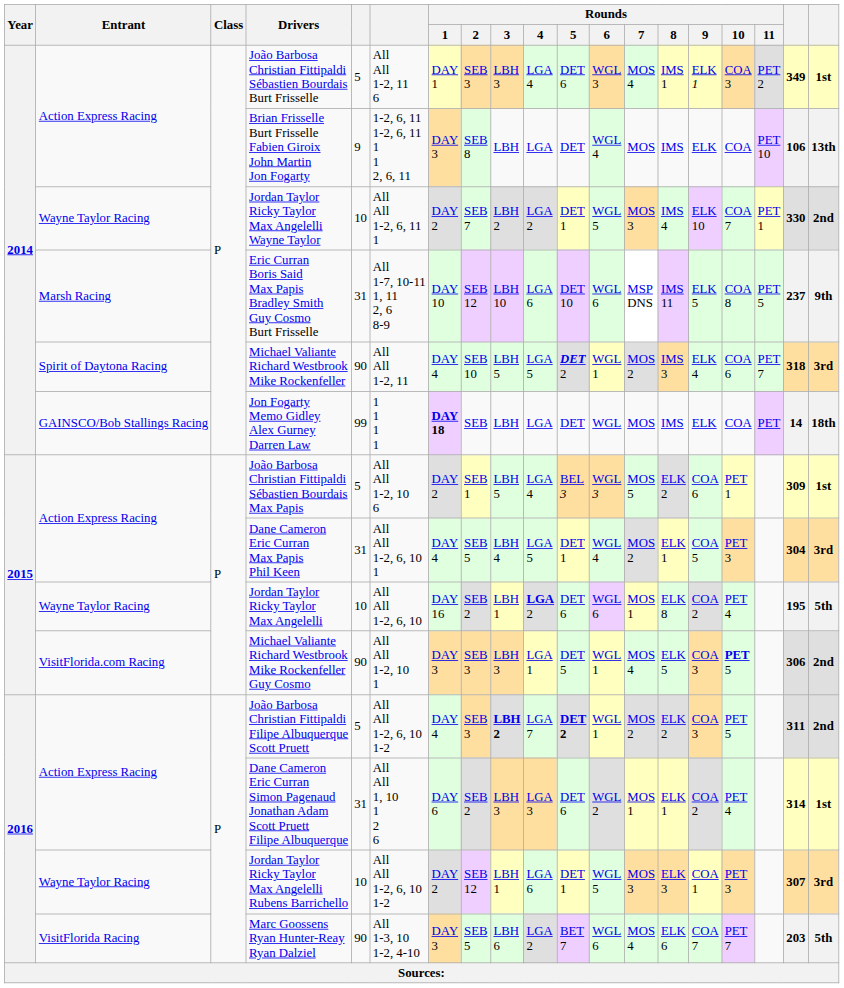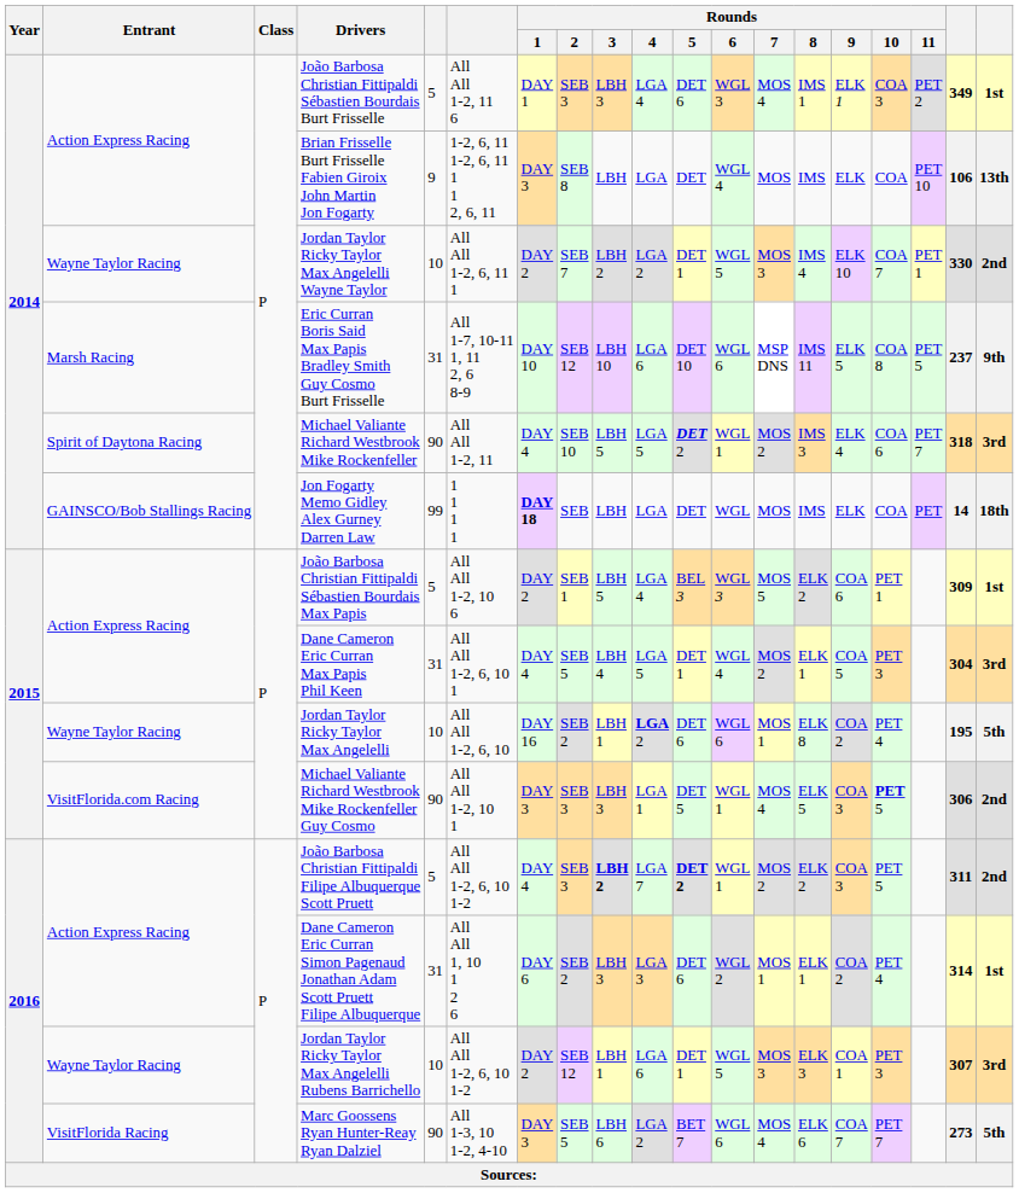 <table class="wikitable">
 <tr>
 <th rowspan="2">Year</th>
 <th rowspan="2">Entrant</th>
 <th rowspan="2">Class</th>
 <th rowspan="2">Drivers</th>
 <th rowspan="2"></th>
 <th rowspan="2"></th>
 <th colspan="11">Rounds</th>
 <th rowspan="2"></th>
 <th rowspan="2"></th>
 </tr>
 <tr>
 <th>1</th>
 <th>2</th>
 <th>3</th>
 <th>4</th>
 <th>5</th>
 <th>6</th>
 <th>7</th>
 <th>8</th>
 <th>9</th>
 <th>10</th>
 <th>11</th>
 </tr>
 <tr>
 <th rowspan="6"><a href='#'>2014</a></th>
 <td rowspan="2"> <a href='#'>Action Express Racing</a></td>
 <td rowspan="6">P</td>
 <td> <a href='#'>João Barbosa</a><br> <a href='#'>Christian Fittipaldi</a><br> <a href='#'>Sébastien Bourdais</a><br> Burt Frisselle</td>
 <td>5</td>
 <td>All<br>All<br>1-2, 11<br>6</td>
 <td style="background:#FFFFBF;"><a href='#'>DAY</a><br>1</td>
 <td style="background:#FFDF9F;"><a href='#'>SEB</a><br>3</td>
 <td style="background:#ffdf9f;"><a href='#'>LBH</a><br>3</td>
 <td style="background:#dfffdf;"><a href='#'>LGA</a><br>4</td>
 <td style="background:#DFFFDF;"><a href='#'>DET</a><br>6</td>
 <td style="background:#ffdf9f;"><a href='#'>WGL</a><br>3</td>
 <td style="background:#dfffdf;"><a href='#'>MOS</a><br>4</td>
 <td style="background:#ffffbf;"><a href='#'>IMS</a><br>1</td>
 <td style="background:#ffffbf;"><a href='#'>ELK</a><br><em>1</em></td>
 <td style="background:#ffdf9f;"><a href='#'>COA</a><br>3</td>
 <td style="background:#DFDFDF;"><a href='#'>PET</a><br>2</td>
 <th style="background:#ffffbf;">349</th>
 <th style="background:#ffffbf;">1st</th>
 </tr>
 <tr>
 <td> <a href='#'>Brian Frisselle</a><br> Burt Frisselle<br> <a href='#'>Fabien Giroix</a><br> <a href='#'>John Martin</a><br> <a href='#'>Jon Fogarty</a></td>
 <td>9</td>
 <td>1-2, 6, 11<br>1-2, 6, 11<br>1<br>1<br>2, 6, 11</td>
 <td style="background:#FFDF9F;"><a href='#'>DAY</a><br>3</td>
 <td style="background:#DFFFDF;"><a href='#'>SEB</a><br>8</td>
 <td><a href='#'>LBH</a></td>
 <td><a href='#'>LGA</a></td>
 <td><a href='#'>DET</a></td>
 <td style="background:#DFFFDF;"><a href='#'>WGL</a><br>4</td>
 <td><a href='#'>MOS</a></td>
 <td><a href='#'>IMS</a></td>
 <td><a href='#'>ELK</a></td>
 <td><a href='#'>COA</a></td>
 <td style="background:#EFCFFF;"><a href='#'>PET</a><br>10</td>
 <th>106</th>
 <th>13th</th>
 </tr>
 <tr>
 <td> <a href='#'>Wayne Taylor Racing</a></td>
 <td> <a href='#'>Jordan Taylor</a><br> <a href='#'>Ricky Taylor</a><br> <a href='#'>Max Angelelli</a><br> <a href='#'>Wayne Taylor</a></td>
 <td>10</td>
 <td>All<br>All<br>1-2, 6, 11<br>1</td>
 <td style="background:#dfdfdf;"><a href='#'>DAY</a><br>2</td>
 <td style="background:#dfffdf;"><a href='#'>SEB</a><br>7</td>
 <td style="background:#dfdfdf;"><a href='#'>LBH</a><br>2</td>
 <td style="background:#dfdfdf;"><a href='#'>LGA</a><br>2</td>
 <td style="background:#ffffbf;"><a href='#'>DET</a><br>1</td>
 <td style="background:#dfffdf;"><a href='#'>WGL</a><br>5</td>
 <td style="background:#ffdf9f;"><a href='#'>MOS</a><br>3</td>
 <td style="background:#dfffdf;"><a href='#'>IMS</a><br>4</td>
 <td style="background:#efcfff;"><a href='#'>ELK</a><br>10</td>
 <td style="background:#dfffdf;"><a href='#'>COA</a><br>7</td>
 <td style="background:#ffffbf;"><a href='#'>PET</a><br>1</td>
 <th style="background:#dfdfdf;">330</th>
 <th style="background:#dfdfdf;">2nd</th>
 </tr>
 <tr>
 <td> <a href='#'>Marsh Racing</a></td>
 <td> <a href='#'>Eric Curran</a><br> <a href='#'>Boris Said</a><br> <a href='#'>Max Papis</a><br> <a href='#'>Bradley Smith</a><br> <a href='#'>Guy Cosmo</a><br> Burt Frisselle</td>
 <td>31</td>
 <td>All<br>1-7, 10-11<br>1, 11<br>2, 6<br>8-9</td>
 <td style="background:#dfffdf;"><a href='#'>DAY</a><br>10</td>
 <td style="background:#efcfff;"><a href='#'>SEB</a><br>12</td>
 <td style="background:#efcfff;"><a href='#'>LBH</a><br>10</td>
 <td style="background:#dfffdf;"><a href='#'>LGA</a><br>6</td>
 <td style="background:#efcfff;"><a href='#'>DET</a><br>10</td>
 <td style="background:#dfffdf;"><a href='#'>WGL</a><br>6</td>
 <td style="background:#ffffff;"><a href='#'>MSP</a><br>DNS</td>
 <td style="background:#efcfff;"><a href='#'>IMS</a><br>11</td>
 <td style="background:#dfffdf;"><a href='#'>ELK</a><br>5</td>
 <td style="background:#dfffdf;"><a href='#'>COA</a><br>8</td>
 <td style="background:#dfffdf;"><a href='#'>PET</a><br>5</td>
 <th>237</th>
 <th>9th</th>
 </tr>
 <tr>
 <td> <a href='#'>Spirit of Daytona Racing</a></td>
 <td> <a href='#'>Michael Valiante</a><br> <a href='#'>Richard Westbrook</a><br> <a href='#'>Mike Rockenfeller</a></td>
 <td>90</td>
 <td>All<br>All<br>1-2, 11</td>
 <td style="background:#DFFFDF;"><a href='#'>DAY</a><br>4</td>
 <td style="background:#DFFFDF;"><a href='#'>SEB</a><br>10</td>
 <td style="background:#DFFFDF;"><a href='#'>LBH</a><br>5</td>
 <td style="background:#DFFFDF;"><a href='#'>LGA</a><br>5</td>
 <td style="background:#DFDFDF;"><strong><em><a href='#'>DET</a></em></strong><br>2</td>
 <td style="background:#FFFFBF;"><a href='#'>WGL</a><br>1</td>
 <td style="background:#DFDFDF;"><a href='#'>MOS</a><br>2</td>
 <td style="background:#FFDF9F;"><a href='#'>IMS</a><br>3</td>
 <td style="background:#DFFFDF;"><a href='#'>ELK</a><br>4</td>
 <td style="background:#DFFFDF;"><a href='#'>COA</a><br>6</td>
 <td style="background:#DFFFDF;"><a href='#'>PET</a><br>7</td>
 <th style="background:#FFDF9F;">318</th>
 <th style="background:#FFDF9F;">3rd</th>
 </tr>
 <tr>
 <td> <a href='#'>GAINSCO/Bob Stallings Racing</a></td>
 <td> <a href='#'>Jon Fogarty</a><br> <a href='#'>Memo Gidley</a><br> <a href='#'>Alex Gurney</a><br> <a href='#'>Darren Law</a></td>
 <td>99</td>
 <td>1<br>1<br>1<br>1</td>
 <td style="background:#EFCFFF;"><strong><a href='#'>DAY</a><br>18</strong></td>
 <td><a href='#'>SEB</a></td>
 <td><a href='#'>LBH</a></td>
 <td><a href='#'>LGA</a></td>
 <td><a href='#'>DET</a></td>
 <td><a href='#'>WGL</a></td>
 <td><a href='#'>MOS</a></td>
 <td><a href='#'>IMS</a></td>
 <td><a href='#'>ELK</a></td>
 <td><a href='#'>COA</a></td>
 <td style="background:#EFCFFF;"><a href='#'>PET</a><br></td>
 <th>14</th>
 <th>18th</th>
 </tr>
 <tr>
 <th rowspan="4"><a href='#'>2015</a></th>
 <td rowspan="2"> <a href='#'>Action Express Racing</a></td>
 <td rowspan="4">P</td>
 <td> <a href='#'>João Barbosa</a><br> <a href='#'>Christian Fittipaldi</a><br> <a href='#'>Sébastien Bourdais</a><br> <a href='#'>Max Papis</a></td>
 <td>5</td>
 <td>All<br>All<br>1-2, 10<br>6</td>
 <td style="background:#DFDFDF;"><a href='#'>DAY</a><br>2</td>
 <td style="background:#FFFFBF;"><a href='#'>SEB</a><br>1</td>
 <td style="background:#dfffdf;"><a href='#'>LBH</a><br>5</td>
 <td style="background:#dfffdf;"><a href='#'>LGA</a><br>4</td>
 <td style="background:#ffdf9f;"><a href='#'>BEL</a><br><em>3</em></td>
 <td style="background:#ffdf9f;"><a href='#'>WGL</a><br><em>3</em></td>
 <td style="background:#dfffdf;"><a href='#'>MOS</a><br>5</td>
 <td style="background:#dfdfdf;"><a href='#'>ELK</a><br>2</td>
 <td style="background:#DFFFDF;"><a href='#'>COA</a><br>6</td>
 <td style="background:#FFFFBF;"><a href='#'>PET</a><br>1</td>
 <td></td>
 <th style="background:#FFFFBF;”">309</th>
 <th style="background:#FFFFBF;”">1st</th>
 </tr>
 <tr>
 <td> <a href='#'>Dane Cameron</a><br> <a href='#'>Eric Curran</a><br> <a href='#'>Max Papis</a><br> <a href='#'>Phil Keen</a></td>
 <td>31</td>
 <td>All<br>All<br>1-2, 6, 10<br>1</td>
 <td style="background:#dfffdf;"><a href='#'>DAY</a><br>4</td>
 <td style="background:#dfffdf;"><a href='#'>SEB</a><br>5</td>
 <td style="background:#dfffdf;"><a href='#'>LBH</a><br>4</td>
 <td style="background:#dfffdf;"><a href='#'>LGA</a><br>5</td>
 <td style="background:#FFFFBF;"><a href='#'>DET</a><br>1</td>
 <td style="background:#dfffdf;"><a href='#'>WGL</a><br>4</td>
 <td style="background:#dfdfdf;"><a href='#'>MOS</a><br>2</td>
 <td style="background:#FFFFBF;"><a href='#'>ELK</a><br>1</td>
 <td style="background:#DFFFDF;"><a href='#'>COA</a><br>5</td>
 <td style="background:#FFDF9F;"><a href='#'>PET</a><br>3</td>
 <td></td>
 <th style="background:#FFDF9F;”">304</th>
 <th style="background:#FFDF9F;”">3rd</th>
 </tr>
 <tr>
 <td> <a href='#'>Wayne Taylor Racing</a></td>
 <td> <a href='#'>Jordan Taylor</a><br> <a href='#'>Ricky Taylor</a><br> <a href='#'>Max Angelelli</a></td>
 <td>10</td>
 <td>All<br>All<br>1-2, 6, 10</td>
 <td style="background:#dfffdf;"><a href='#'>DAY</a><br>16</td>
 <td style="background:#dfdfdf;"><a href='#'>SEB</a><br>2</td>
 <td style="background:#ffffbf;"><a href='#'>LBH</a><br>1</td>
 <td style="background:#dfdfdf;"><strong><a href='#'>LGA</a></strong><br>2</td>
 <td style="background:#dfffdf;"><a href='#'>DET</a><br>6</td>
 <td style="background:#efcfff;"><a href='#'>WGL</a><br>6</td>
 <td style="background:#ffffbf;"><a href='#'>MOS</a><br>1</td>
 <td style="background:#dfffdf;"><a href='#'>ELK</a><br>8</td>
 <td style="background:#dfdfdf;"><a href='#'>COA</a><br>2</td>
 <td style="background:#dfffdf;"><a href='#'>PET</a><br>4</td>
 <td></td>
 <th>195</th>
 <th>5th</th>
 </tr>
 <tr>
 <td> <a href='#'>VisitFlorida.com Racing</a></td>
 <td> <a href='#'>Michael Valiante</a><br> <a href='#'>Richard Westbrook</a><br> <a href='#'>Mike Rockenfeller</a><br> <a href='#'>Guy Cosmo</a></td>
 <td>90</td>
 <td>All<br>All<br>1-2, 10<br>1</td>
 <td style="background:#FFDF9F;"><a href='#'>DAY</a><br>3</td>
 <td style="background:#FFDF9F;"><a href='#'>SEB</a><br>3</td>
 <td style="background:#FFDF9F;"><a href='#'>LBH</a><br>3</td>
 <td style="background:#FFFFBF;"><a href='#'>LGA</a><br>1</td>
 <td style="background:#DFFFDF;"><a href='#'>DET</a><br>5</td>
 <td style="background:#FFFFBF;"><a href='#'>WGL</a><br>1</td>
 <td style="background:#DFFFDF;"><a href='#'>MOS</a><br>4</td>
 <td style="background:#DFFFDF;"><a href='#'>ELK</a><br>5</td>
 <td style="background:#FFDF9F;"><a href='#'>COA</a><br>3</td>
 <td style="background:#DFFFDF;"><strong><a href='#'>PET</a></strong><br>5</td>
 <td></td>
 <th style="background:#DFDFDF;”">306</th>
 <th style="background:#DFDFDF;”">2nd</th>
 </tr>
 <tr>
 <th rowspan="4"><a href='#'>2016</a></th>
 <td rowspan="2"> <a href='#'>Action Express Racing</a></td>
 <td rowspan="4">P</td>
 <td> <a href='#'>João Barbosa</a><br> <a href='#'>Christian Fittipaldi</a><br> <a href='#'>Filipe Albuquerque</a><br> <a href='#'>Scott Pruett</a></td>
 <td>5</td>
 <td>All<br>All<br>1-2, 6, 10<br>1-2</td>
 <td style="background:#dfffdf;"><a href='#'>DAY</a><br>4</td>
 <td style="background:#ffdf9f;"><a href='#'>SEB</a><br>3</td>
 <td style="background:#dfdfdf;"><strong><a href='#'>LBH</a><br>2</strong></td>
 <td style="background:#dfffdf;"><a href='#'>LGA</a><br>7</td>
 <td style="background:#dfdfdf;"><strong><a href='#'>DET</a><br>2</strong></td>
 <td style="background:#ffffbf;"><a href='#'>WGL</a><br>1</td>
 <td style="background:#dfdfdf;"><a href='#'>MOS</a><br>2</td>
 <td style="background:#dfdfdf;"><a href='#'>ELK</a><br>2</td>
 <td style="background:#ffdf9f;"><a href='#'>COA</a><br>3</td>
 <td style="background:#dfffdf;"><a href='#'>PET</a><br>5</td>
 <td></td>
 <th style="background:#DFDFDF;”">311</th>
 <th style="background:#DFDFDF;”">2nd</th>
 </tr>
 <tr>
 <td> <a href='#'>Dane Cameron</a><br> <a href='#'>Eric Curran</a><br> <a href='#'>Simon Pagenaud</a><br> <a href='#'>Jonathan Adam</a><br> <a href='#'>Scott Pruett</a><br> <a href='#'>Filipe Albuquerque</a></td>
 <td>31</td>
 <td>All<br>All<br>1, 10<br>1<br>2<br>6</td>
 <td style="background:#dfffdf;"><a href='#'>DAY</a><br>6</td>
 <td style="background:#dfdfdf;"><a href='#'>SEB</a><br>2</td>
 <td style="background:#ffdf9f;"><a href='#'>LBH</a><br>3</td>
 <td style="background:#ffdf9f;"><a href='#'>LGA</a><br>3</td>
 <td style="background:#dfffdf;"><a href='#'>DET</a><br>6</td>
 <td style="background:#dfdfdf;"><a href='#'>WGL</a><br>2</td>
 <td style="background:#ffffbf;"><a href='#'>MOS</a><br>1</td>
 <td style="background:#ffffbf;"><a href='#'>ELK</a><br>1</td>
 <td style="background:#dfdfdf;"><a href='#'>COA</a><br>2</td>
 <td style="background:#dfffdf;"><a href='#'>PET</a><br>4</td>
 <td></td>
 <th style="background:#FFFFBF;”">314</th>
 <th style="background:#FFFFBF;”">1st</th>
 </tr>
 <tr>
 <td> <a href='#'>Wayne Taylor Racing</a></td>
 <td> <a href='#'>Jordan Taylor</a><br> <a href='#'>Ricky Taylor</a><br> <a href='#'>Max Angelelli</a><br> <a href='#'>Rubens Barrichello</a></td>
 <td>10</td>
 <td>All<br>All<br>1-2, 6, 10<br>1-2</td>
 <td style="background:#dfdfdf;"><a href='#'>DAY</a><br>2</td>
 <td style="background:#efcfff;"><a href='#'>SEB</a><br>12</td>
 <td style="background:#ffffbf;"><a href='#'>LBH</a><br>1</td>
 <td style="background:#dfffdf;"><a href='#'>LGA</a><br>6</td>
 <td style="background:#ffffbf;"><a href='#'>DET</a><br>1</td>
 <td style="background:#dfffdf;"><a href='#'>WGL</a><br>5</td>
 <td style="background:#ffdf9f;"><a href='#'>MOS</a><br>3</td>
 <td style="background:#ffdf9f;"><a href='#'>ELK</a><br>3</td>
 <td style="background:#ffffbf;"><a href='#'>COA</a><br>1</td>
 <td style="background:#ffdf9f;"><a href='#'>PET</a><br>3</td>
 <td></td>
 <th style="background:#FFDF9F;”">307</th>
 <th style="background:#FFDF9F;”">3rd</th>
 </tr>
 <tr>
 <td> <a href='#'>VisitFlorida Racing</a></td>
 <td> <a href='#'>Marc Goossens</a><br> <a href='#'>Ryan Hunter-Reay</a><br> <a href='#'>Ryan Dalziel</a></td>
 <td>90</td>
 <td>All<br>1-3, 10<br>1-2, 4-10</td>
 <td style="background:#ffdf9f;"><a href='#'>DAY</a><br>3</td>
 <td style="background:#dfffdf;"><a href='#'>SEB</a><br>5</td>
 <td style="background:#dfffdf;"><a href='#'>LBH</a><br>6</td>
 <td style="background:#dfdfdf;"><a href='#'>LGA</a><br>2</td>
 <td style="background:#efcfff;"><a href='#'>BET</a><br>7</td>
 <td style="background:#dfffdf;"><a href='#'>WGL</a><br>6</td>
 <td style="background:#dfffdf;"><a href='#'>MOS</a><br>4</td>
 <td style="background:#dfffdf;"><a href='#'>ELK</a><br>6</td>
 <td style="background:#dfffdf;"><a href='#'>COA</a><br>7</td>
 <td style="background:#efcfff;"><a href='#'>PET</a><br>7</td>
 <td></td>
-<th>203</th>
+<th>273</th>
 <th>5th</th>
 </tr>
 <tr>
 <th colspan="19">Sources:</th>
 </tr>
 </table>
